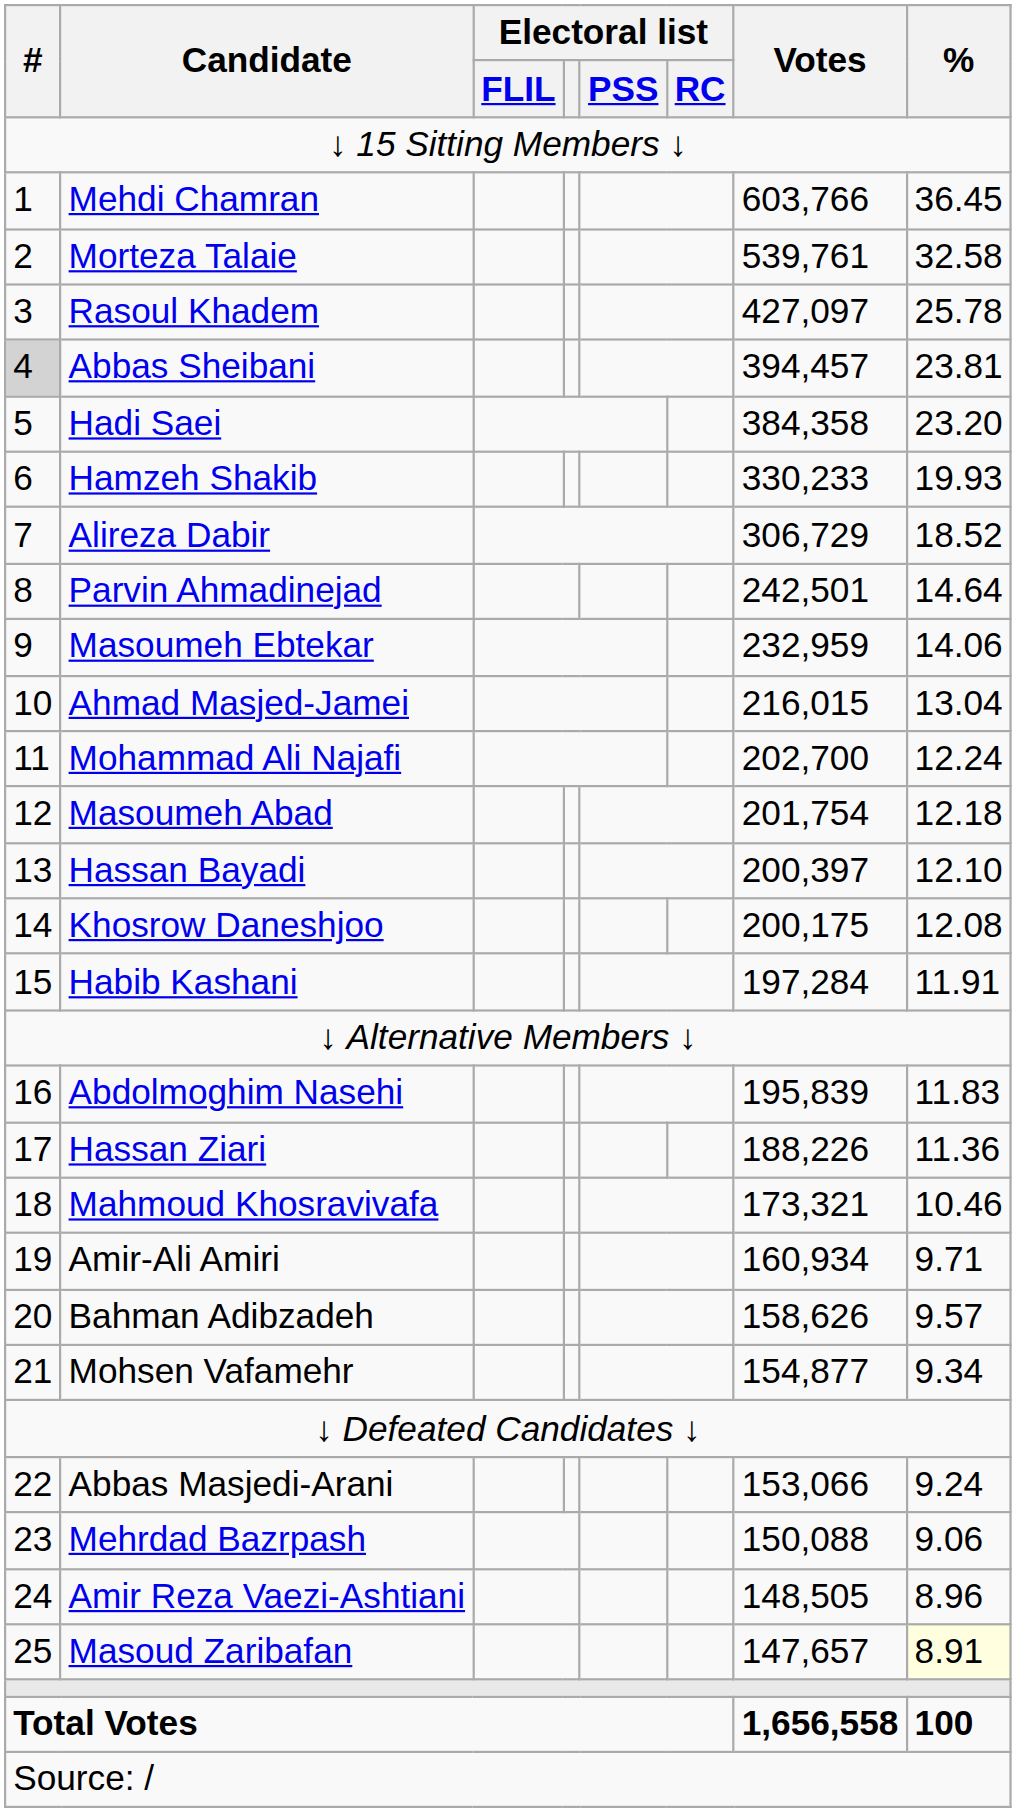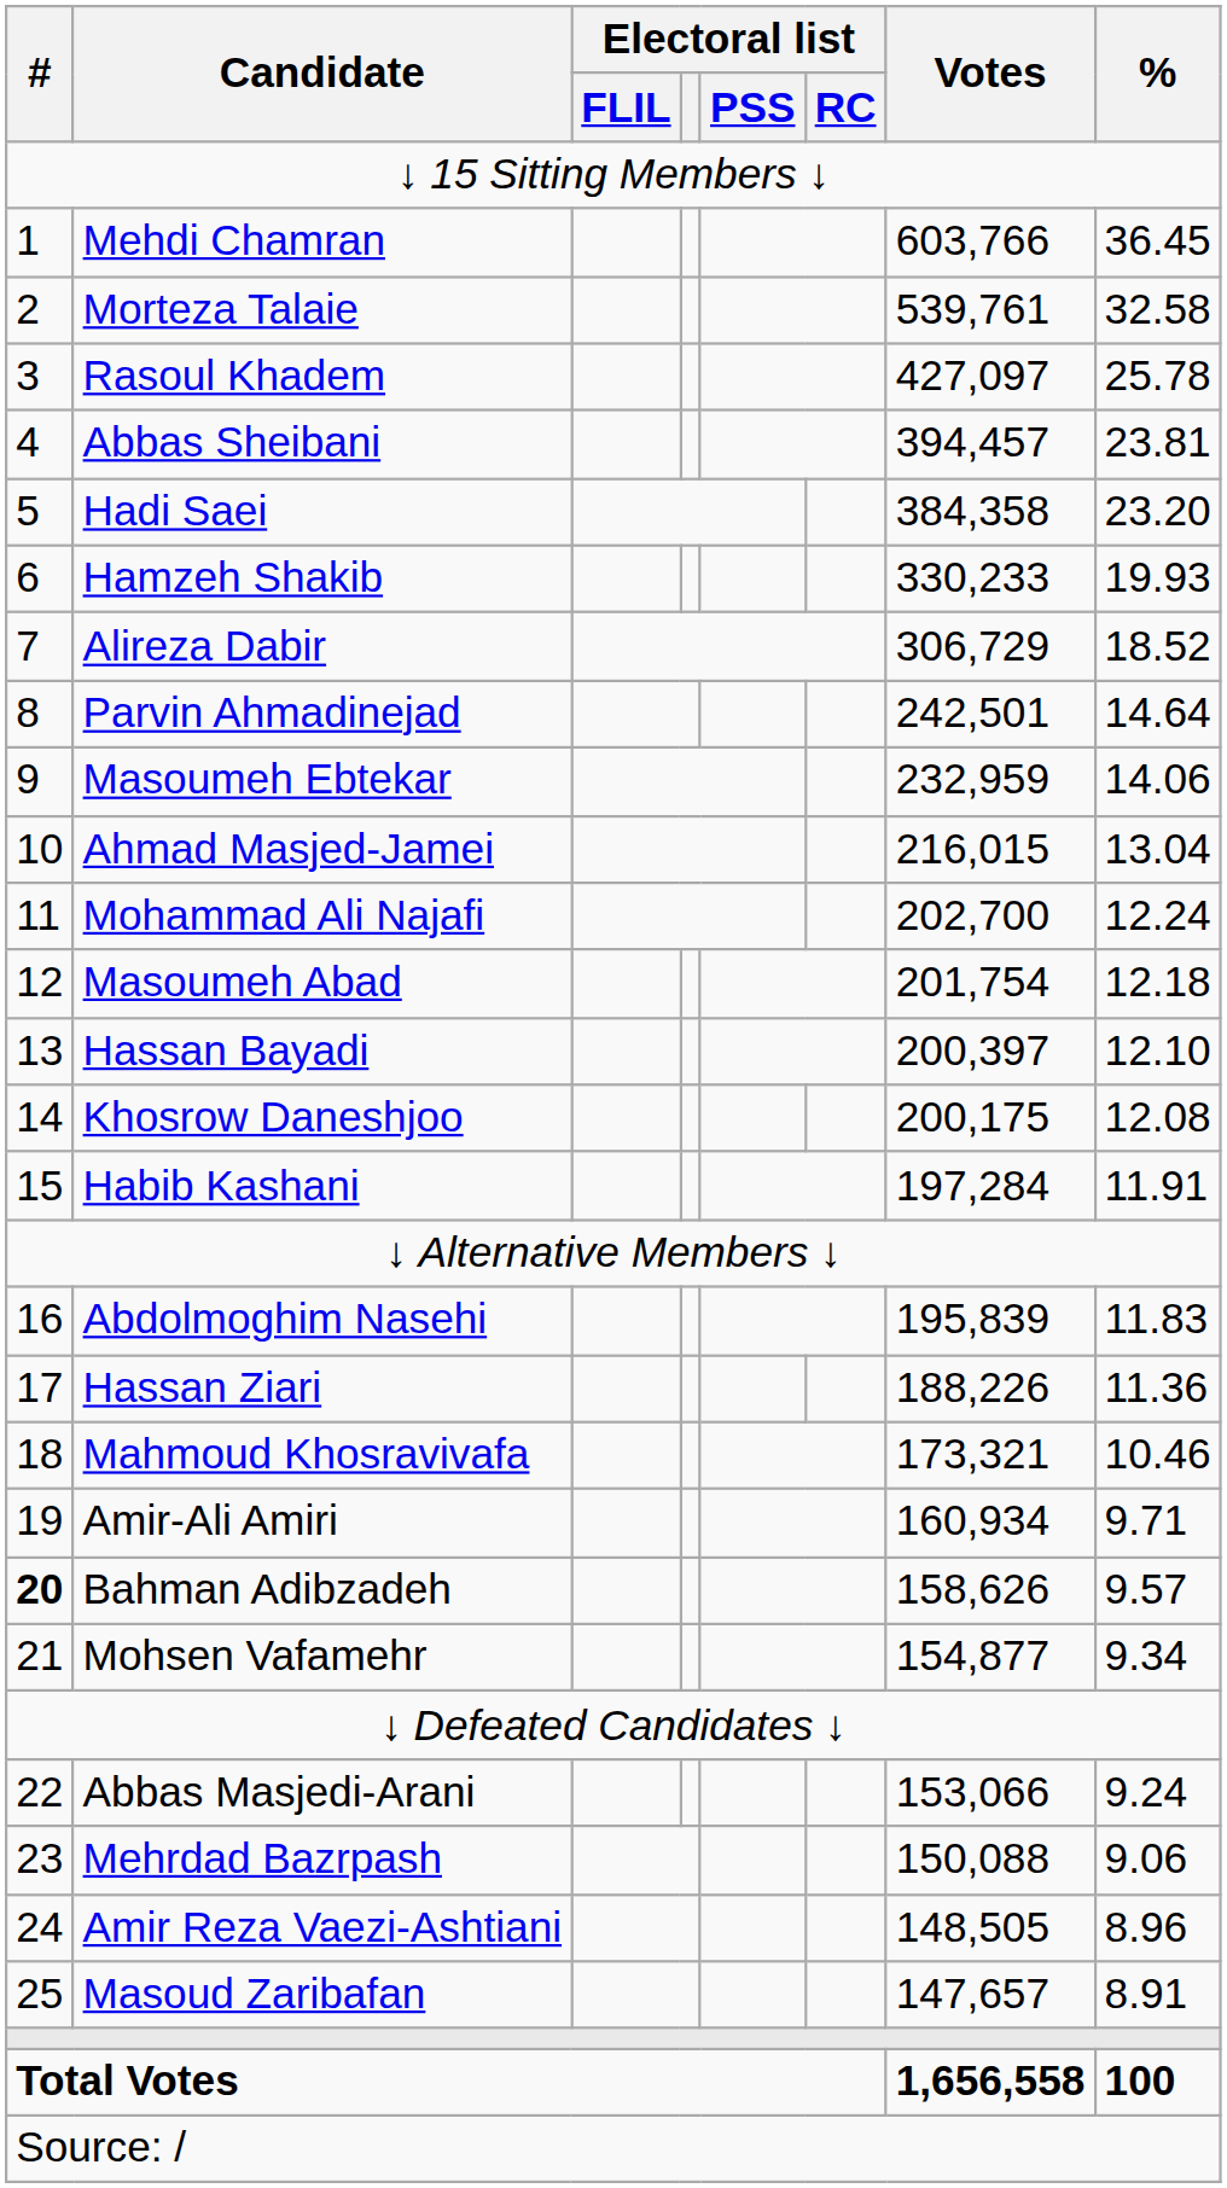 <table class=wikitable>
 <tr>
 <th rowspan="2">#</th>
 <th rowspan="2">Candidate</th>
 <th colspan="4">Electoral list</th>
 <th rowspan="2">Votes</th>
 <th rowspan="2">%</th>
 </tr>
 <tr>
 <th><a href='#'>FLIL</a></th>
 <th></th>
 <th><a href='#'>PSS</a></th>
 <th><a href='#'>RC</a></th>
 </tr>
 <tr>
 <td align=center colspan="8">↓ <em>15 Sitting Members</em> ↓</td>
 </tr>
 <tr>
 <td>1</td>
 <td><a href='#'>Mehdi Chamran</a></td>
 <td style="text-align:center;"></td>
 <td style="text-align:center;"></td>
 <td colspan="2"></td>
 <td>603,766</td>
 <td>36.45</td>
 </tr>
 <tr>
 <td>2</td>
 <td><a href='#'>Morteza Talaie</a></td>
 <td style="text-align:center;"></td>
 <td style="text-align:center;"></td>
 <td colspan="2"></td>
 <td>539,761</td>
 <td>32.58</td>
 </tr>
 <tr>
 <td>3</td>
 <td><a href='#'>Rasoul Khadem</a></td>
 <td></td>
 <td style="text-align:center;"></td>
 <td colspan="2"></td>
 <td>427,097</td>
 <td>25.78</td>
 </tr>
 <tr>
-<td style="background: lightgrey;">4</td>
+<td>4</td>
 <td><a href='#'>Abbas Sheibani</a></td>
 <td style="text-align:center;"></td>
 <td style="text-align:center;"></td>
 <td colspan="2"></td>
 <td>394,457</td>
 <td>23.81</td>
 </tr>
 <tr>
 <td>5</td>
 <td><a href='#'>Hadi Saei</a></td>
 <td colspan="3"></td>
 <td style="text-align:center;"></td>
 <td>384,358</td>
 <td>23.20</td>
 </tr>
 <tr>
 <td>6</td>
 <td><a href='#'>Hamzeh Shakib</a></td>
 <td style="text-align:center;"></td>
 <td style="text-align:center;"></td>
 <td style="text-align:center;"></td>
 <td></td>
 <td>330,233</td>
 <td>19.93</td>
 </tr>
 <tr>
 <td>7</td>
 <td><a href='#'>Alireza Dabir</a></td>
 <td colspan="4"></td>
 <td>306,729</td>
 <td>18.52</td>
 </tr>
 <tr>
 <td>8</td>
 <td><a href='#'>Parvin Ahmadinejad</a></td>
 <td colspan="2"></td>
 <td style="text-align:center;"></td>
 <td></td>
 <td>242,501</td>
 <td>14.64</td>
 </tr>
 <tr>
 <td>9</td>
 <td><a href='#'>Masoumeh Ebtekar</a></td>
 <td colspan="3"></td>
 <td style="text-align:center;"></td>
 <td>232,959</td>
 <td>14.06</td>
 </tr>
 <tr>
 <td>10</td>
 <td><a href='#'>Ahmad Masjed-Jamei</a></td>
 <td colspan="3"></td>
 <td style="text-align:center;"></td>
 <td>216,015</td>
 <td>13.04</td>
 </tr>
 <tr>
 <td>11</td>
 <td><a href='#'>Mohammad Ali Najafi</a></td>
 <td colspan="3"></td>
 <td style="text-align:center;"></td>
 <td>202,700</td>
 <td>12.24</td>
 </tr>
 <tr>
 <td>12</td>
 <td><a href='#'>Masoumeh Abad</a></td>
 <td style="text-align:center;"></td>
 <td style="text-align:center;"></td>
 <td colspan="2"></td>
 <td>201,754</td>
 <td>12.18</td>
 </tr>
 <tr>
 <td>13</td>
 <td><a href='#'>Hassan Bayadi</a></td>
 <td></td>
 <td style="text-align:center;"></td>
 <td colspan="2"></td>
 <td>200,397</td>
 <td>12.10</td>
 </tr>
 <tr>
 <td>14</td>
 <td><a href='#'>Khosrow Daneshjoo</a></td>
 <td style="text-align:center;"></td>
 <td></td>
 <td style="text-align:center;"></td>
 <td></td>
 <td>200,175</td>
 <td>12.08</td>
 </tr>
 <tr>
 <td>15</td>
 <td><a href='#'>Habib Kashani</a></td>
 <td></td>
 <td style="text-align:center;"></td>
 <td colspan="2"></td>
 <td>197,284</td>
 <td>11.91</td>
 </tr>
 <tr>
 <td align=center colspan="8">↓ <em>Alternative Members</em> ↓</td>
 </tr>
 <tr>
 <td>16</td>
 <td><a href='#'>Abdolmoghim Nasehi</a></td>
 <td style="text-align:center;"></td>
 <td style="text-align:center;"></td>
 <td colspan="2"></td>
 <td>195,839</td>
 <td>11.83</td>
 </tr>
 <tr>
 <td>17</td>
 <td><a href='#'>Hassan Ziari</a></td>
 <td style="text-align:center;"></td>
 <td></td>
 <td style="text-align:center;"></td>
 <td></td>
 <td>188,226</td>
 <td>11.36</td>
 </tr>
 <tr>
 <td>18</td>
 <td><a href='#'>Mahmoud Khosravivafa</a></td>
 <td></td>
 <td style="text-align:center;"></td>
 <td colspan="2"></td>
 <td>173,321</td>
 <td>10.46</td>
 </tr>
 <tr>
 <td>19</td>
 <td>Amir-Ali Amiri</td>
 <td></td>
 <td style="text-align:center;"></td>
 <td colspan="2"></td>
 <td>160,934</td>
 <td>9.71</td>
 </tr>
 <tr>
-<td>20</td>
+<td><strong>20</strong></td>
 <td>Bahman Adibzadeh</td>
 <td></td>
 <td style="text-align:center;"></td>
 <td colspan="2"></td>
 <td>158,626</td>
 <td>9.57</td>
 </tr>
 <tr>
 <td>21</td>
 <td>Mohsen Vafamehr</td>
 <td></td>
 <td style="text-align:center;"></td>
 <td colspan="2"></td>
 <td>154,877</td>
 <td>9.34</td>
 </tr>
 <tr>
 <td align=center colspan="8">↓ <em>Defeated Candidates</em> ↓</td>
 </tr>
 <tr>
 <td>22</td>
 <td>Abbas Masjedi-Arani</td>
 <td style="text-align:center;"></td>
 <td></td>
 <td style="text-align:center;"></td>
 <td></td>
 <td>153,066</td>
 <td>9.24</td>
 </tr>
 <tr>
 <td>23</td>
 <td><a href='#'>Mehrdad Bazrpash</a></td>
 <td colspan="2"></td>
 <td style="text-align:center;"></td>
 <td></td>
 <td>150,088</td>
 <td>9.06</td>
 </tr>
 <tr>
 <td>24</td>
 <td><a href='#'>Amir Reza Vaezi-Ashtiani</a></td>
 <td colspan="2"></td>
 <td style="text-align:center;"></td>
 <td></td>
 <td>148,505</td>
 <td>8.96</td>
 </tr>
 <tr>
 <td>25</td>
 <td><a href='#'>Masoud Zaribafan</a></td>
 <td colspan="2"></td>
 <td style="text-align:center;"></td>
 <td></td>
 <td>147,657</td>
-<td style="background: lightyellow;">8.91</td>
+<td>8.91</td>
 </tr>
 <tr>
 <td colspan="9" style="background:#E9E9E9;"></td>
 </tr>
 <tr>
 <td colspan="6"><strong>Total Votes</strong></td>
 <td><strong>1,656,558</strong></td>
 <td><strong>100</strong></td>
 </tr>
 <tr>
 <td colspan="9">Source:  / </td>
 </tr>
 </table>
